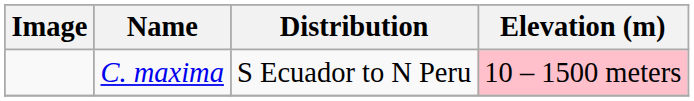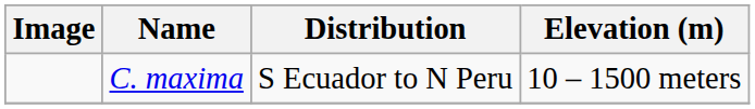 <table class="wikitable collapsible">
 <tr>
 <th>Image</th>
 <th>Name</th>
 <th>Distribution</th>
 <th>Elevation (m)</th>
 </tr>
 <tr>
 <td></td>
 <td><em><a href='#'>C. maxima</a></em></td>
 <td>S Ecuador to N Peru</td>
-<td style="background: pink;">10 – 1500 meters</td>
+<td>10 – 1500 meters</td>
 </tr>
 <tr>
 </tr>
 </table>
